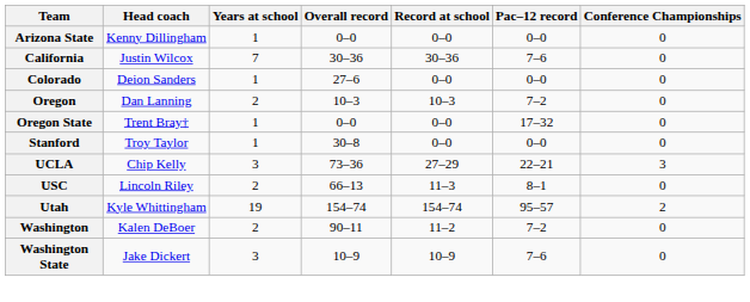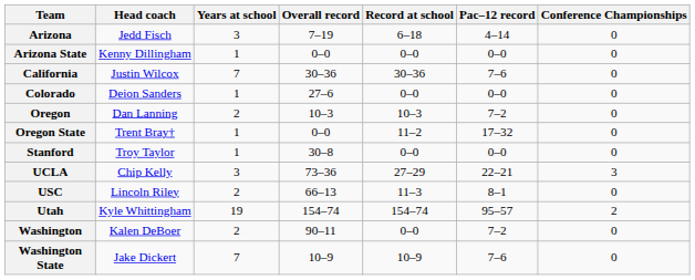 <table class="wikitable sortable" style="text-align: center;">
 <tr>
 <th style="width:110px;">Team</th>
 <th>Head coach</th>
 <th>Years at school</th>
 <th>Overall record</th>
 <th>Record at school</th>
 <th>Pac–12 record</th>
 <th>Conference Championships</th>
+</tr>
+<tr>
+<th>Arizona</th>
+<td><a href='#'>Jedd Fisch</a></td>
+<td>3</td>
+<td>7–19</td>
+<td>6–18</td>
+<td>4–14</td>
+<td>0</td>
 </tr>
 <tr>
 <th>Arizona State</th>
 <td><a href='#'>Kenny Dillingham</a></td>
 <td>1</td>
 <td>0–0</td>
 <td>0–0</td>
 <td>0–0</td>
 <td>0</td>
 </tr>
 <tr>
 <th>California</th>
 <td><a href='#'>Justin Wilcox</a></td>
 <td>7</td>
 <td>30–36</td>
 <td>30–36</td>
 <td>7–6</td>
 <td>0</td>
 </tr>
 <tr>
 <th>Colorado</th>
 <td><a href='#'>Deion Sanders</a></td>
 <td>1</td>
 <td>27–6</td>
 <td>0–0</td>
 <td>0–0</td>
 <td>0</td>
 </tr>
 <tr>
 <th>Oregon</th>
 <td><a href='#'>Dan Lanning</a></td>
 <td>2</td>
 <td>10–3</td>
 <td>10–3</td>
 <td>7–2</td>
 <td>0</td>
 </tr>
 <tr>
 <th>Oregon State</th>
 <td><a href='#'>Trent Bray†</a></td>
 <td>1</td>
 <td>0–0</td>
-<td>0–0</td>
+<td>11–2</td>
 <td>17–32</td>
 <td>0</td>
 </tr>
 <tr>
 <th>Stanford</th>
 <td><a href='#'>Troy Taylor</a></td>
 <td>1</td>
 <td>30–8</td>
 <td>0–0</td>
 <td>0–0</td>
 <td>0</td>
 </tr>
 <tr>
 <th>UCLA</th>
 <td><a href='#'>Chip Kelly</a></td>
 <td>3</td>
 <td>73–36</td>
 <td>27–29</td>
 <td>22–21</td>
 <td>3</td>
 </tr>
 <tr>
 <th>USC</th>
 <td><a href='#'>Lincoln Riley</a></td>
 <td>2</td>
 <td>66–13</td>
 <td>11–3</td>
 <td>8–1</td>
 <td>0</td>
 </tr>
 <tr>
 <th>Utah</th>
 <td><a href='#'>Kyle Whittingham</a></td>
 <td>19</td>
 <td>154–74</td>
 <td>154–74</td>
 <td>95–57</td>
 <td>2</td>
 </tr>
 <tr>
 <th>Washington</th>
 <td><a href='#'>Kalen DeBoer</a></td>
 <td>2</td>
 <td>90–11</td>
-<td>11–2</td>
+<td>0–0</td>
 <td>7–2</td>
 <td>0</td>
 </tr>
 <tr>
 <th>Washington State</th>
 <td><a href='#'>Jake Dickert</a></td>
-<td>3</td>
+<td>7</td>
 <td>10–9</td>
 <td>10–9</td>
 <td>7–6</td>
 <td>0</td>
 </tr>
 </table>
